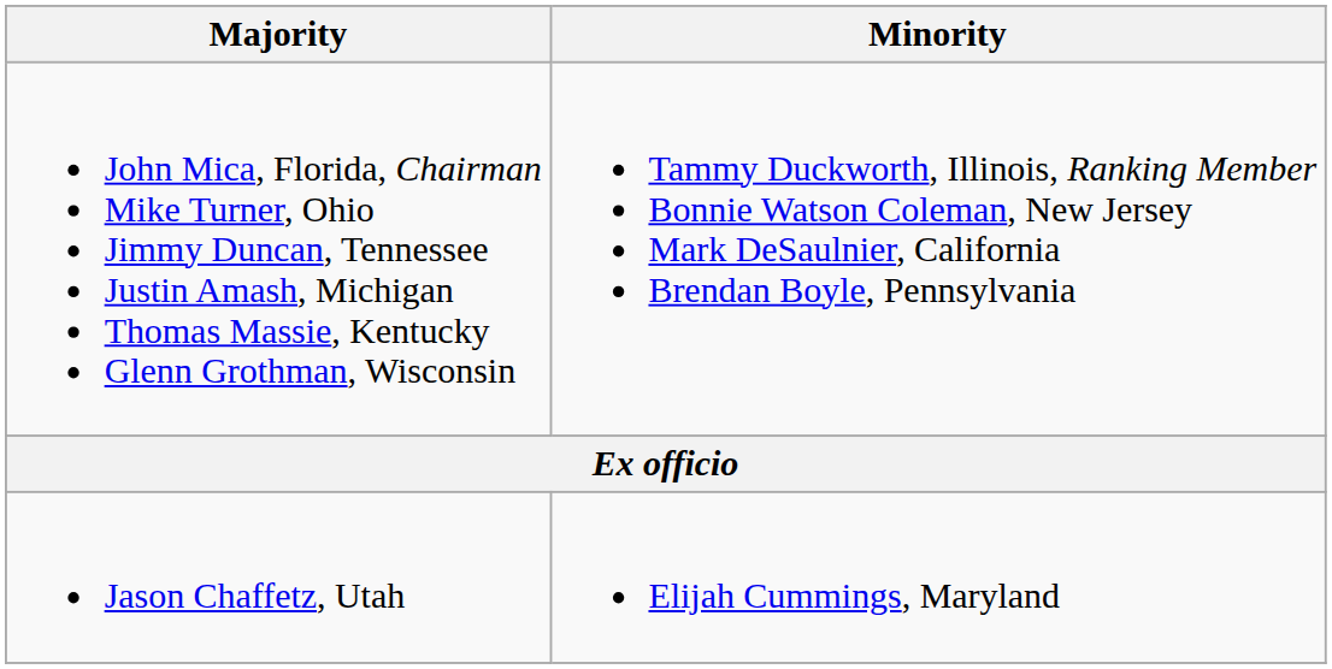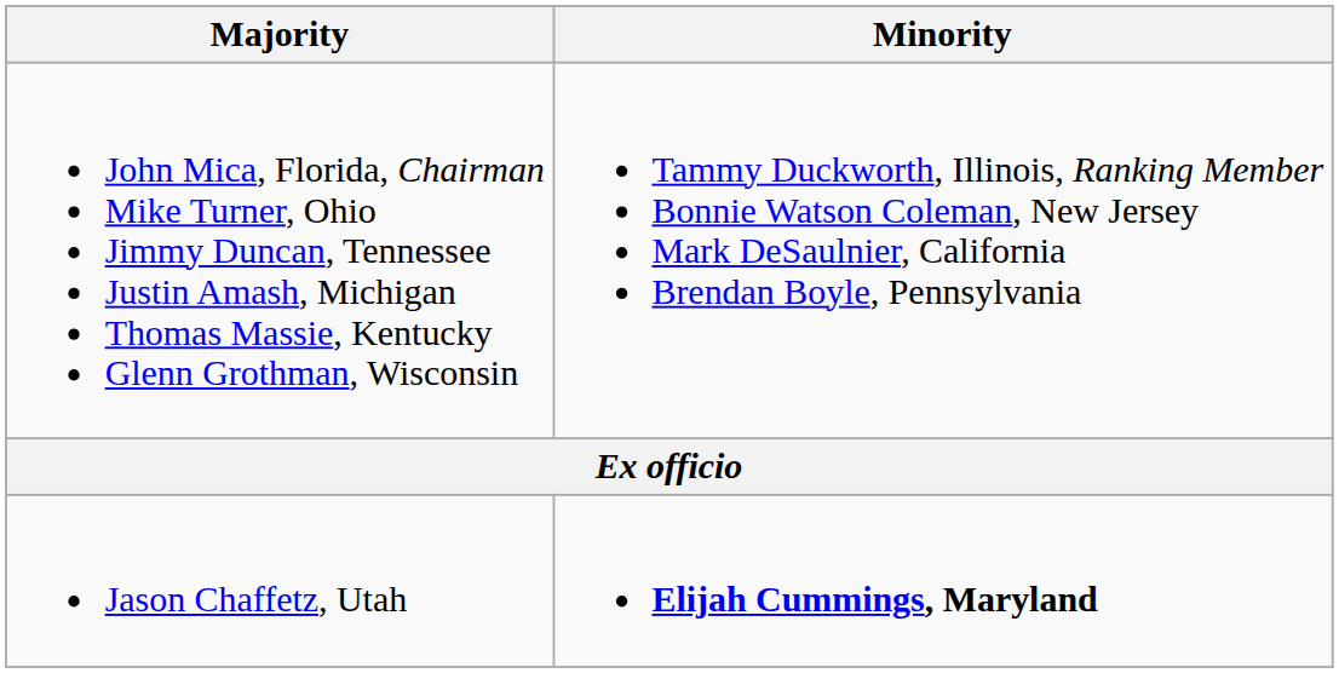 <table class=wikitable>
 <tr>
 <th>Majority</th>
 <th>Minority</th>
 </tr>
 <tr valign=top>
 <td><br><ul><li><a href='#'>John Mica</a>, Florida, <em>Chairman</em></li><li><a href='#'>Mike Turner</a>, Ohio</li><li><a href='#'>Jimmy Duncan</a>, Tennessee</li><li><a href='#'>Justin Amash</a>, Michigan</li><li><a href='#'>Thomas Massie</a>, Kentucky</li><li><a href='#'>Glenn Grothman</a>, Wisconsin</li></ul></td>
 <td><br><ul><li><a href='#'>Tammy Duckworth</a>, Illinois, <em>Ranking Member</em></li><li><a href='#'>Bonnie Watson Coleman</a>, New Jersey</li><li><a href='#'>Mark DeSaulnier</a>, California</li><li><a href='#'>Brendan Boyle</a>, Pennsylvania</li></ul></td>
 </tr>
 <tr>
 <th colspan=2><em>Ex officio</em></th>
 </tr>
 <tr>
 <td><br><ul><li><a href='#'>Jason Chaffetz</a>, Utah</li></ul></td>
-<td><br><ul><li><a href='#'>Elijah Cummings</a>, Maryland</li></ul></td>
+<td><strong><br><ul><li><a href='#'>Elijah Cummings</a>, Maryland</li></ul></strong></td>
 </tr>
 </table>
